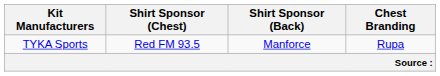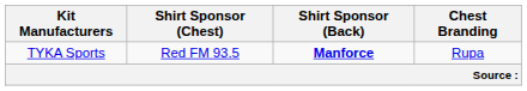 <table class="wikitable" style="text-align: center;">
 <tr>
 <th>Kit Manufacturers</th>
 <th>Shirt Sponsor (Chest)</th>
 <th>Shirt Sponsor (Back)</th>
 <th>Chest Branding</th>
 </tr>
 <tr>
 <td><a href='#'>TYKA Sports</a></td>
 <td><a href='#'>Red FM 93.5</a></td>
-<td><a href='#'>Manforce</a></td>
+<td><strong><a href='#'>Manforce</a></strong></td>
 <td><a href='#'>Rupa</a></td>
 </tr>
 <tr>
 <th colspan="4" style="text-align:right;"><small> Source : </small></th>
 </tr>
 </table>
